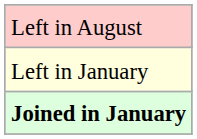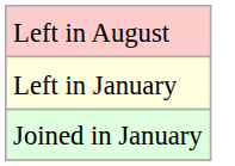 <table class="wikitable">
 <tr>
 <td bgcolor="#FFCCCC"><small>Left in August</small></td>
 </tr>
 <tr>
 <td bgcolor="#ffffdd"><small>Left in January</small></td>
 </tr>
 <tr>
-<td bgcolor="#DDFFDD"><strong><small>Joined in January</small></strong></td>
+<td bgcolor="#DDFFDD"><small>Joined in January</small></td>
 </tr>
 </table>
